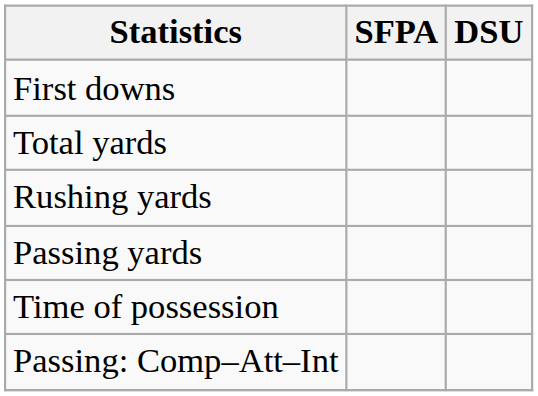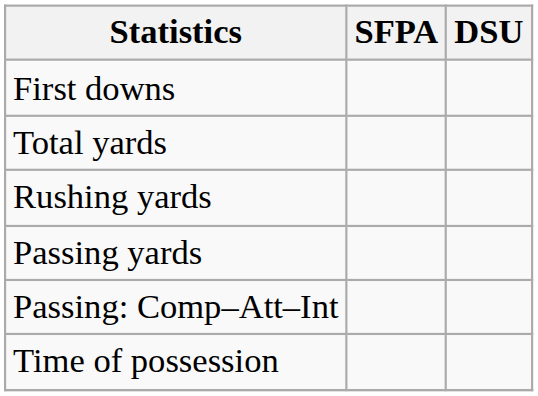 <table class="wikitable" style="float: left;">
 <tr>
 <th>Statistics</th>
 <th>SFPA</th>
 <th>DSU</th>
 </tr>
 <tr>
 <td>First downs</td>
 <td></td>
 <td></td>
 </tr>
 <tr>
 <td>Total yards</td>
 <td></td>
 <td></td>
 </tr>
 <tr>
 <td>Rushing yards</td>
 <td></td>
 <td></td>
 </tr>
 <tr>
 <td>Passing yards</td>
 <td></td>
 <td></td>
 </tr>
 <tr>
-<td>Time of possession</td>
+<td>Passing: Comp–Att–Int</td>
 <td></td>
 <td></td>
 </tr>
 <tr>
-<td>Passing: Comp–Att–Int</td>
+<td>Time of possession</td>
 <td></td>
 <td></td>
 </tr>
 <tr>
 </tr>
 </table>
